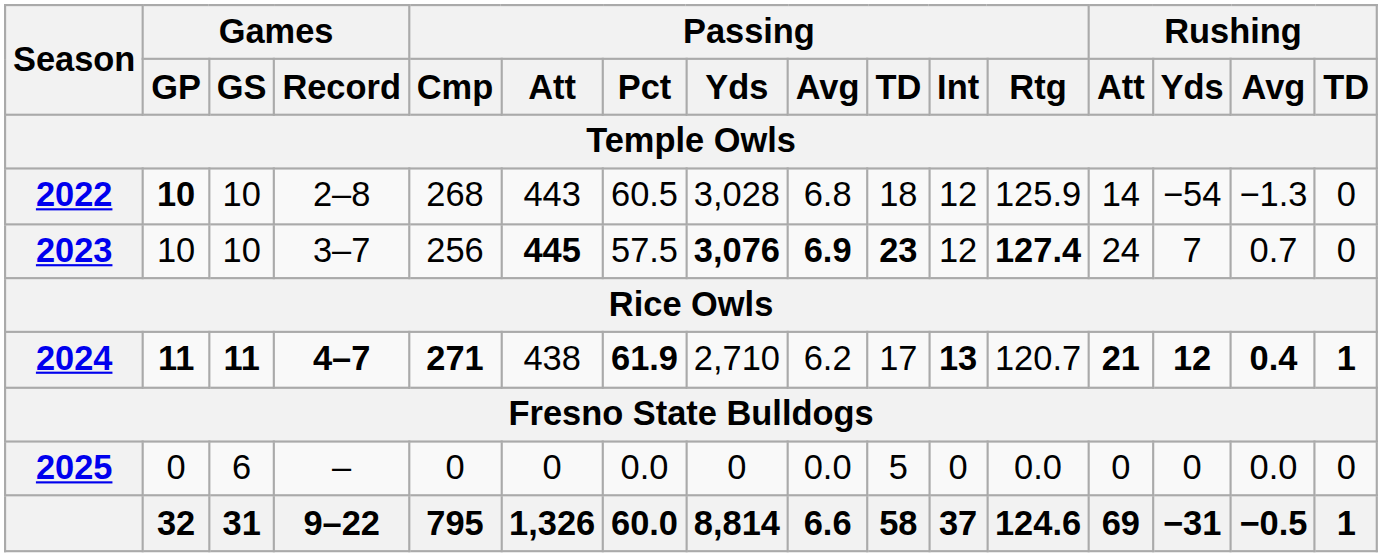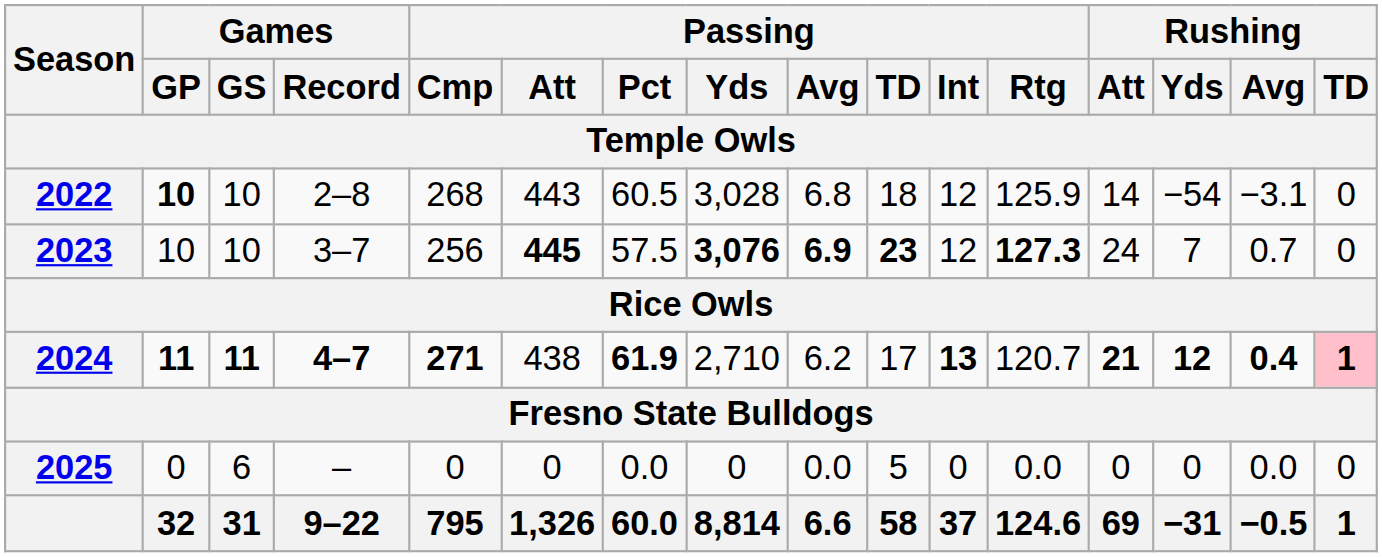 <table class="wikitable" style="text-align:center;">
 <tr>
 <th rowspan="2">Season</th>
 <th colspan="3">Games</th>
 <th colspan="8">Passing</th>
 <th colspan="5">Rushing</th>
 </tr>
 <tr>
 <th>GP</th>
 <th>GS</th>
 <th>Record</th>
 <th>Cmp</th>
 <th>Att</th>
 <th>Pct</th>
 <th>Yds</th>
 <th>Avg</th>
 <th>TD</th>
 <th>Int</th>
 <th>Rtg</th>
 <th>Att</th>
 <th>Yds</th>
 <th>Avg</th>
 <th>TD</th>
 </tr>
 <tr>
 <th colspan="16">Temple Owls</th>
 </tr>
 <tr>
 <th><a href='#'>2022</a></th>
 <td><strong>10</strong></td>
 <td>10</td>
 <td>2–8</td>
 <td>268</td>
 <td>443</td>
 <td>60.5</td>
 <td>3,028</td>
 <td>6.8</td>
 <td>18</td>
 <td>12</td>
 <td>125.9</td>
 <td>14</td>
 <td>−54</td>
-<td>−1.3</td>
+<td>−3.1</td>
 <td>0</td>
 </tr>
 <tr>
 <th><a href='#'>2023</a></th>
 <td>10</td>
 <td>10</td>
 <td>3–7</td>
 <td>256</td>
 <td><strong>445</strong></td>
 <td>57.5</td>
 <td><strong>3,076</strong></td>
 <td><strong>6.9</strong></td>
 <td><strong>23</strong></td>
 <td>12</td>
-<td><strong>127.4</strong></td>
+<td><strong>127.3</strong></td>
 <td>24</td>
 <td>7</td>
 <td>0.7</td>
 <td>0</td>
 </tr>
 <tr>
 <th colspan="16">Rice Owls</th>
 </tr>
 <tr>
 <th><a href='#'>2024</a></th>
 <td><strong>11</strong></td>
 <td><strong>11</strong></td>
 <td><strong>4–7</strong></td>
 <td><strong>271</strong></td>
 <td>438</td>
 <td><strong>61.9</strong></td>
 <td>2,710</td>
 <td>6.2</td>
 <td>17</td>
 <td><strong>13</strong></td>
 <td>120.7</td>
 <td><strong>21</strong></td>
 <td><strong>12</strong></td>
 <td><strong>0.4</strong></td>
-<td><strong>1</strong></td>
+<td style="background: pink;"><strong>1</strong></td>
 </tr>
 <tr>
 <th colspan="16">Fresno State Bulldogs</th>
 </tr>
 <tr>
 <th><a href='#'>2025</a></th>
 <td>0</td>
 <td>6</td>
 <td>–</td>
 <td>0</td>
 <td>0</td>
 <td>0.0</td>
 <td>0</td>
 <td>0.0</td>
 <td>5</td>
 <td>0</td>
 <td>0.0</td>
 <td>0</td>
 <td>0</td>
 <td>0.0</td>
 <td>0</td>
 </tr>
 <tr>
 <th></th>
 <th>32</th>
 <th>31</th>
 <th>9–22</th>
 <th>795</th>
 <th>1,326</th>
 <th>60.0</th>
 <th>8,814</th>
 <th>6.6</th>
 <th>58</th>
 <th>37</th>
 <th>124.6</th>
 <th>69</th>
 <th>−31</th>
 <th>−0.5</th>
 <th>1</th>
 </tr>
 </table>
